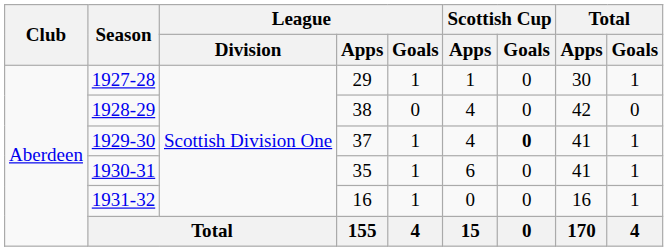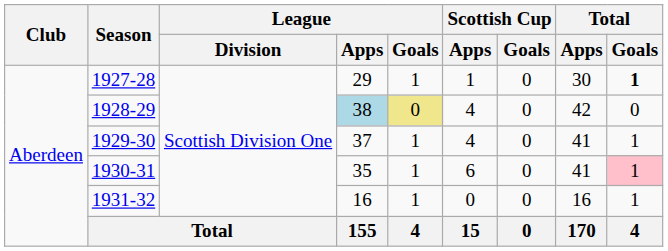 <table class="wikitable" style="text-align:center">
 <tr>
 <th rowspan="2">Club</th>
 <th rowspan="2">Season</th>
 <th colspan="3">League</th>
 <th colspan="2">Scottish Cup</th>
 <th colspan="2">Total</th>
 </tr>
 <tr>
 <th>Division</th>
 <th>Apps</th>
 <th>Goals</th>
 <th>Apps</th>
 <th>Goals</th>
 <th>Apps</th>
 <th>Goals</th>
 </tr>
 <tr>
 <td rowspan="6"><a href='#'>Aberdeen</a></td>
 <td><a href='#'>1927-28</a></td>
 <td rowspan="5"><a href='#'>Scottish Division One</a></td>
 <td>29</td>
 <td>1</td>
 <td>1</td>
 <td>0</td>
 <td>30</td>
-<td>1</td>
+<td><strong>1</strong></td>
 </tr>
 <tr>
 <td><a href='#'>1928-29</a></td>
-<td>38</td>
-<td>0</td>
+<td style="background: lightblue;">38</td>
+<td style="background: khaki;">0</td>
 <td>4</td>
 <td>0</td>
 <td>42</td>
 <td>0</td>
 </tr>
 <tr>
 <td><a href='#'>1929-30</a></td>
 <td>37</td>
 <td>1</td>
 <td>4</td>
-<td><strong>0</strong></td>
+<td>0</td>
 <td>41</td>
 <td>1</td>
 </tr>
 <tr>
 <td><a href='#'>1930-31</a></td>
 <td>35</td>
 <td>1</td>
 <td>6</td>
 <td>0</td>
 <td>41</td>
-<td>1</td>
+<td style="background: pink;">1</td>
 </tr>
 <tr>
 <td><a href='#'>1931-32</a></td>
 <td>16</td>
 <td>1</td>
 <td>0</td>
 <td>0</td>
 <td>16</td>
 <td>1</td>
 </tr>
 <tr>
 <th colspan="2">Total</th>
 <th>155</th>
 <th>4</th>
 <th>15</th>
 <th>0</th>
 <th>170</th>
 <th>4</th>
 </tr>
 </table>
